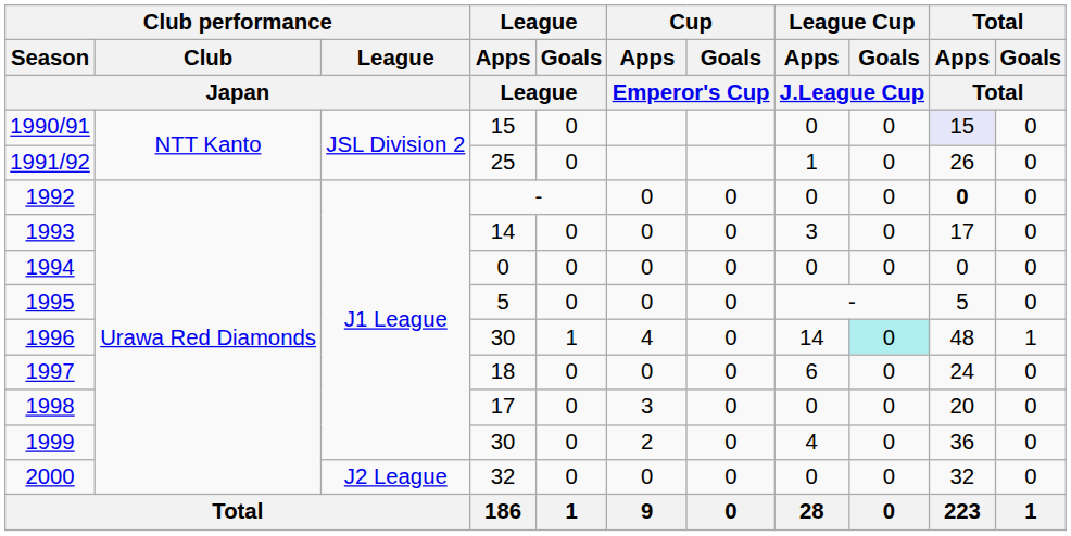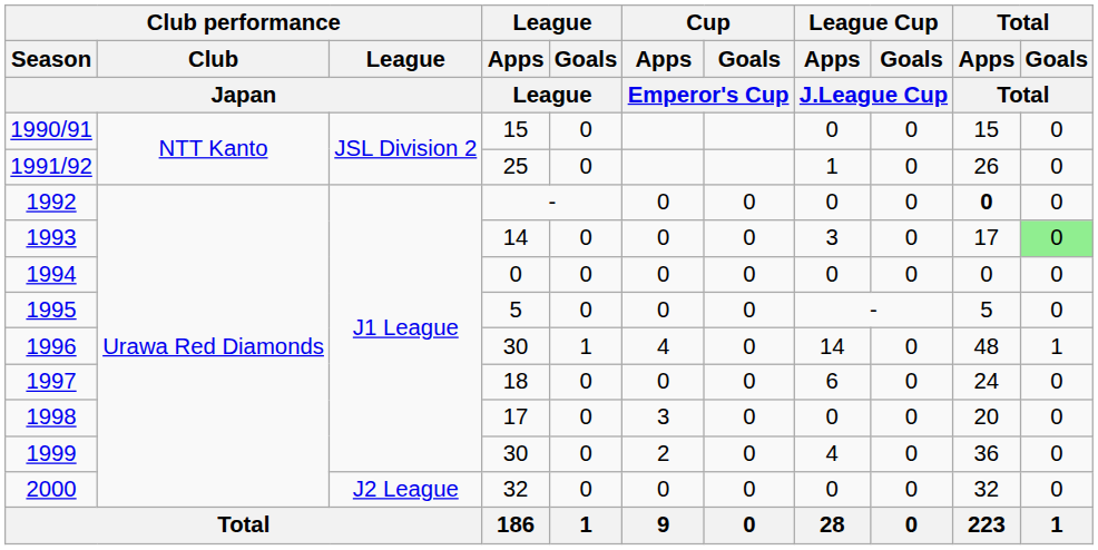 <table class="wikitable" style="text-align:center;">
 <tr>
 <th colspan=3>Club performance</th>
 <th colspan=2>League</th>
 <th colspan=2>Cup</th>
 <th colspan=2>League Cup</th>
 <th colspan=2>Total</th>
 </tr>
 <tr>
 <th>Season</th>
 <th>Club</th>
 <th>League</th>
 <th>Apps</th>
 <th>Goals</th>
 <th>Apps</th>
 <th>Goals</th>
 <th>Apps</th>
 <th>Goals</th>
 <th>Apps</th>
 <th>Goals</th>
 </tr>
 <tr>
 <th colspan=3>Japan</th>
 <th colspan=2>League</th>
 <th colspan=2><a href='#'>Emperor's Cup</a></th>
 <th colspan=2><a href='#'>J.League Cup</a></th>
 <th colspan=2>Total</th>
 </tr>
 <tr>
 <td><a href='#'>1990/91</a></td>
 <td rowspan="2"><a href='#'>NTT Kanto</a></td>
 <td rowspan="2"><a href='#'>JSL Division 2</a></td>
 <td>15</td>
 <td>0</td>
 <td></td>
 <td></td>
 <td>0</td>
 <td>0</td>
-<td style="background: lavender;">15</td>
+<td>15</td>
 <td>0</td>
 </tr>
 <tr>
 <td><a href='#'>1991/92</a></td>
 <td>25</td>
 <td>0</td>
 <td></td>
 <td></td>
 <td>1</td>
 <td>0</td>
 <td>26</td>
 <td>0</td>
 </tr>
 <tr>
 <td><a href='#'>1992</a></td>
 <td rowspan="9"><a href='#'>Urawa Red Diamonds</a></td>
 <td rowspan="8"><a href='#'>J1 League</a></td>
 <td colspan="2">-</td>
 <td>0</td>
 <td>0</td>
 <td>0</td>
 <td>0</td>
 <td><strong>0</strong></td>
 <td>0</td>
 </tr>
 <tr>
 <td><a href='#'>1993</a></td>
 <td>14</td>
 <td>0</td>
 <td>0</td>
 <td>0</td>
 <td>3</td>
 <td>0</td>
 <td>17</td>
-<td>0</td>
+<td style="background: lightgreen;">0</td>
 </tr>
 <tr>
 <td><a href='#'>1994</a></td>
 <td>0</td>
 <td>0</td>
 <td>0</td>
 <td>0</td>
 <td>0</td>
 <td>0</td>
 <td>0</td>
 <td>0</td>
 </tr>
 <tr>
 <td><a href='#'>1995</a></td>
 <td>5</td>
 <td>0</td>
 <td>0</td>
 <td>0</td>
 <td colspan="2">-</td>
 <td>5</td>
 <td>0</td>
 </tr>
 <tr>
 <td><a href='#'>1996</a></td>
 <td>30</td>
 <td>1</td>
 <td>4</td>
 <td>0</td>
 <td>14</td>
-<td style="background: paleturquoise;">0</td>
+<td>0</td>
 <td>48</td>
 <td>1</td>
 </tr>
 <tr>
 <td><a href='#'>1997</a></td>
 <td>18</td>
 <td>0</td>
 <td>0</td>
 <td>0</td>
 <td>6</td>
 <td>0</td>
 <td>24</td>
 <td>0</td>
 </tr>
 <tr>
 <td><a href='#'>1998</a></td>
 <td>17</td>
 <td>0</td>
 <td>3</td>
 <td>0</td>
 <td>0</td>
 <td>0</td>
 <td>20</td>
 <td>0</td>
 </tr>
 <tr>
 <td><a href='#'>1999</a></td>
 <td>30</td>
 <td>0</td>
 <td>2</td>
 <td>0</td>
 <td>4</td>
 <td>0</td>
 <td>36</td>
 <td>0</td>
 </tr>
 <tr>
 <td><a href='#'>2000</a></td>
 <td><a href='#'>J2 League</a></td>
 <td>32</td>
 <td>0</td>
 <td>0</td>
 <td>0</td>
 <td>0</td>
 <td>0</td>
 <td>32</td>
 <td>0</td>
 </tr>
 <tr>
 <th colspan=3>Total</th>
 <th>186</th>
 <th>1</th>
 <th>9</th>
 <th>0</th>
 <th>28</th>
 <th>0</th>
 <th>223</th>
 <th>1</th>
 </tr>
 </table>
